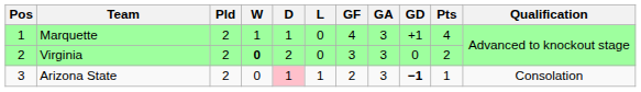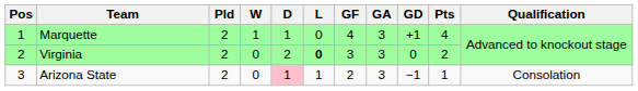 <table class="wikitable" style="text-align:center; margin: 1em auto">
 <tr>
 <th style="width:2em">Pos</th>
 <th style="width:13em">Team</th>
 <th style="width:2em">Pld</th>
 <th style="width:2em">W</th>
 <th style="width:2em">D</th>
 <th style="width:2em">L</th>
 <th style="width:2em">GF</th>
 <th style="width:2em">GA</th>
 <th style="width:2em">GD</th>
 <th style="width:2em">Pts</th>
 <th style="width:13em">Qualification</th>
 </tr>
 <tr bgcolor="#9eff9e">
 <td>1</td>
 <td style="text-align:left">Marquette</td>
 <td>2</td>
 <td>1</td>
 <td>1</td>
 <td>0</td>
 <td>4</td>
 <td>3</td>
 <td>+1</td>
 <td>4</td>
 <td rowspan="2">Advanced to knockout stage</td>
 </tr>
 <tr bgcolor="#9eff9e">
 <td>2</td>
 <td style="text-align:left">Virginia</td>
 <td>2</td>
+<td>0</td>
+<td>2</td>
 <td><strong>0</strong></td>
-<td>2</td>
-<td>0</td>
 <td>3</td>
 <td>3</td>
 <td>0</td>
 <td>2</td>
 </tr>
 <tr>
 <td>3</td>
 <td style="text-align:left">Arizona State</td>
 <td>2</td>
 <td>0</td>
 <td style="background: pink;">1</td>
 <td>1</td>
 <td>2</td>
 <td>3</td>
-<td><strong>−1</strong></td>
+<td>−1</td>
 <td>1</td>
 <td>Consolation</td>
 </tr>
 </table>
